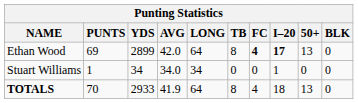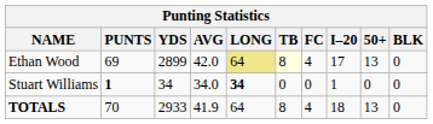 <table class="wikitable sortable collapsible collapsed">
 <tr>
 <th colspan="12">Punting Statistics</th>
 </tr>
 <tr>
 <th>NAME</th>
 <th>PUNTS</th>
 <th>YDS</th>
 <th>AVG</th>
 <th>LONG</th>
 <th>TB</th>
 <th>FC</th>
 <th>I–20</th>
 <th>50+</th>
 <th>BLK</th>
 </tr>
 <tr>
 <td>Ethan Wood</td>
 <td>69</td>
 <td>2899</td>
 <td>42.0</td>
-<td>64</td>
-<td>8</td>
-<td><strong>4</strong></td>
-<td><strong>17</strong></td>
+<td style="background: khaki;">64</td>
+<td style="background: lightyellow;">8</td>
+<td>4</td>
+<td>17</td>
 <td>13</td>
 <td>0</td>
 </tr>
 <tr>
 <td>Stuart Williams</td>
-<td>1</td>
+<td><strong>1</strong></td>
 <td>34</td>
 <td>34.0</td>
-<td>34</td>
+<td><strong>34</strong></td>
 <td>0</td>
 <td>0</td>
 <td>1</td>
 <td>0</td>
 <td>0</td>
 </tr>
 <tr>
 <td><strong>TOTALS</strong></td>
 <td>70</td>
 <td>2933</td>
 <td>41.9</td>
 <td>64</td>
 <td>8</td>
 <td>4</td>
 <td>18</td>
 <td>13</td>
 <td>0</td>
 </tr>
 </table>
